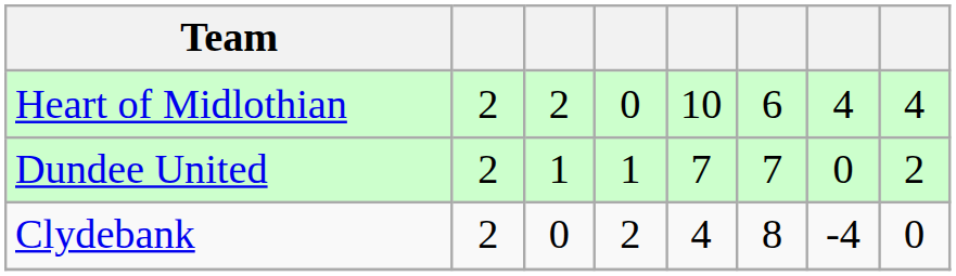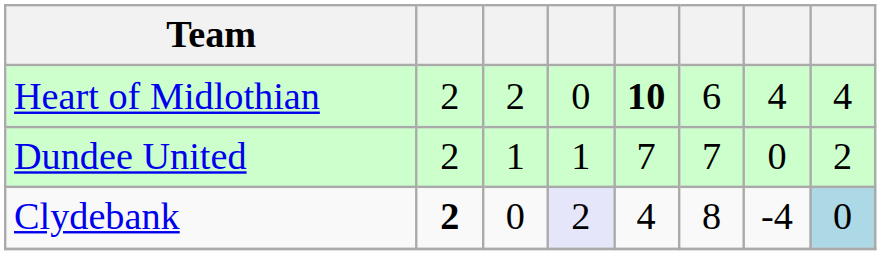 <table class="wikitable" style="text-align:center;">
 <tr>
 <th width=165>Team</th>
 <th width=20></th>
 <th width=20></th>
 <th width=20></th>
 <th width=20></th>
 <th width=20></th>
 <th width=20></th>
 <th width=20></th>
 </tr>
 <tr style="background:#cfc;">
 <td align="left"><a href='#'>Heart of Midlothian</a></td>
 <td>2</td>
 <td>2</td>
 <td>0</td>
-<td>10</td>
+<td><strong>10</strong></td>
 <td>6</td>
 <td>4</td>
 <td>4</td>
 </tr>
 <tr style="background:#cfc;">
 <td align="left"><a href='#'>Dundee United</a></td>
 <td>2</td>
 <td>1</td>
 <td>1</td>
 <td>7</td>
 <td>7</td>
 <td>0</td>
 <td>2</td>
 </tr>
 <tr>
 <td align="left"><a href='#'>Clydebank</a></td>
-<td>2</td>
+<td><strong>2</strong></td>
 <td>0</td>
-<td>2</td>
+<td style="background: lavender;">2</td>
 <td>4</td>
 <td>8</td>
 <td>-4</td>
-<td>0</td>
+<td style="background: lightblue;">0</td>
 </tr>
 <tr>
 </tr>
 </table>
